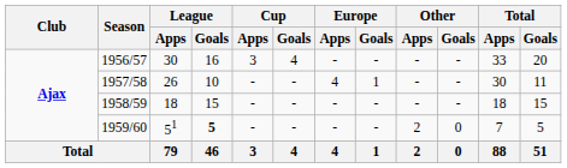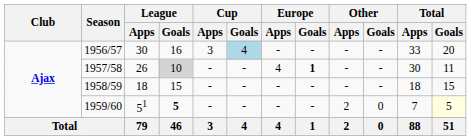 <table class="wikitable" style="font-size:100%; text-align: center;">
 <tr>
 <th rowspan="2" width="100">Club</th>
 <th rowspan="2">Season</th>
 <th colspan="2">League</th>
 <th colspan="2">Cup</th>
 <th colspan="2">Europe</th>
 <th colspan="2">Other</th>
 <th colspan="2">Total</th>
 </tr>
 <tr>
 <th width="40">Apps</th>
 <th width="40">Goals</th>
 <th width="40">Apps</th>
 <th width="40">Goals</th>
 <th width="40">Apps</th>
 <th width="40">Goals</th>
 <th width="40">Apps</th>
 <th width="40">Goals</th>
 <th width="40">Apps</th>
 <th width="40">Goals</th>
 </tr>
 <tr>
 <td rowspan="4"><strong><a href='#'>Ajax</a></strong></td>
 <td>1956/57</td>
 <td>30</td>
 <td>16</td>
 <td>3</td>
-<td>4</td>
+<td style="background: lightblue;">4</td>
 <td>-</td>
 <td>-</td>
 <td>-</td>
 <td>-</td>
 <td>33</td>
 <td>20</td>
 </tr>
 <tr>
 <td>1957/58</td>
 <td>26</td>
-<td>10</td>
+<td style="background: lightgrey;">10</td>
 <td>-</td>
 <td>-</td>
 <td>4</td>
-<td>1</td>
+<td><strong>1</strong></td>
 <td>-</td>
 <td>-</td>
 <td>30</td>
 <td>11</td>
 </tr>
 <tr>
 <td>1958/59</td>
 <td>18</td>
 <td>15</td>
 <td>-</td>
 <td>-</td>
 <td>-</td>
 <td>-</td>
 <td>-</td>
 <td>-</td>
 <td>18</td>
 <td>15</td>
 </tr>
 <tr>
 <td>1959/60</td>
 <td>5<sup>1</sup></td>
 <td><strong>5</strong></td>
 <td>-</td>
 <td>-</td>
 <td>-</td>
 <td>-</td>
 <td>2</td>
 <td>0</td>
 <td>7</td>
-<td>5</td>
+<td style="background: lightyellow;">5</td>
 </tr>
 <tr>
 <th colspan="2">Total</th>
 <th>79</th>
 <th>46</th>
 <th>3</th>
 <th>4</th>
 <th>4</th>
 <th>1</th>
 <th>2</th>
 <th>0</th>
 <th>88</th>
 <th>51</th>
 </tr>
 </table>
